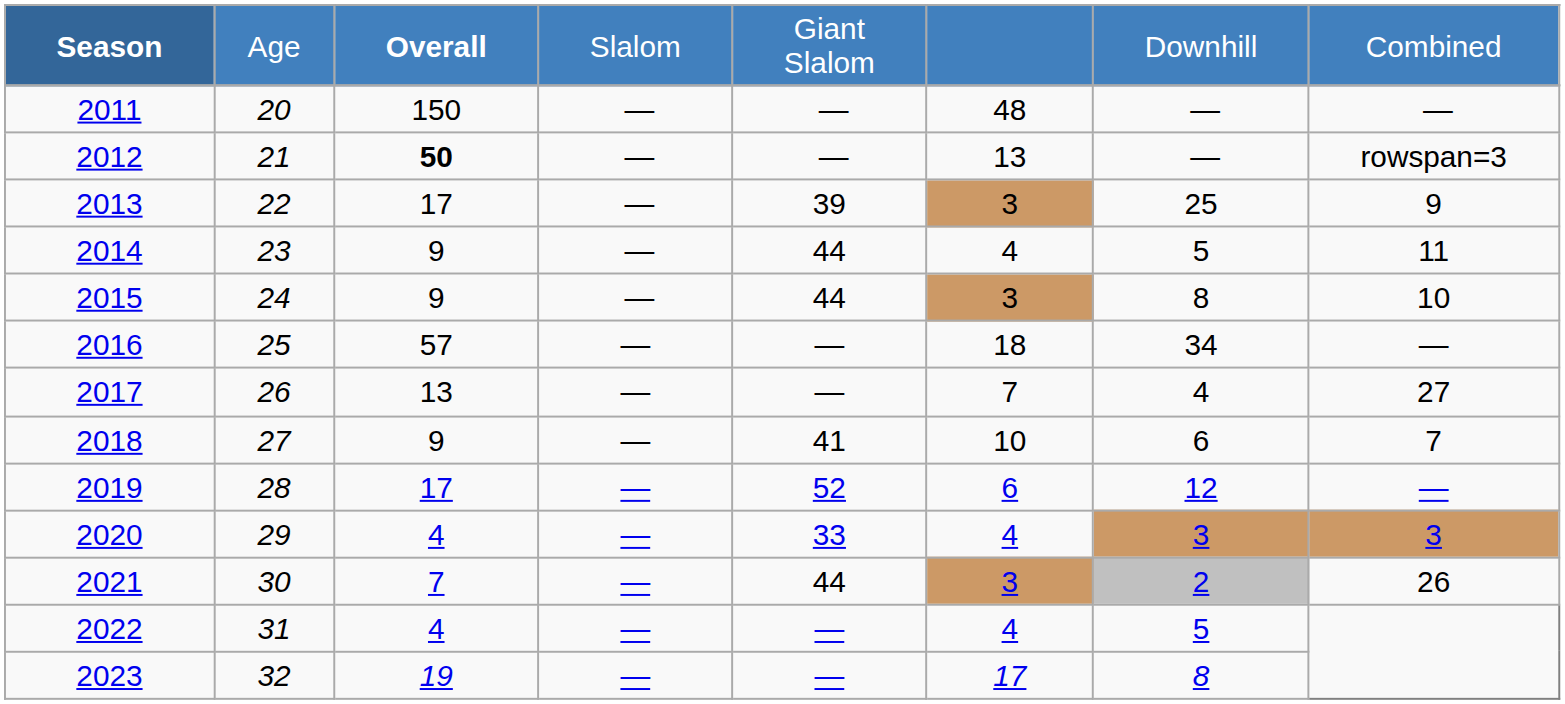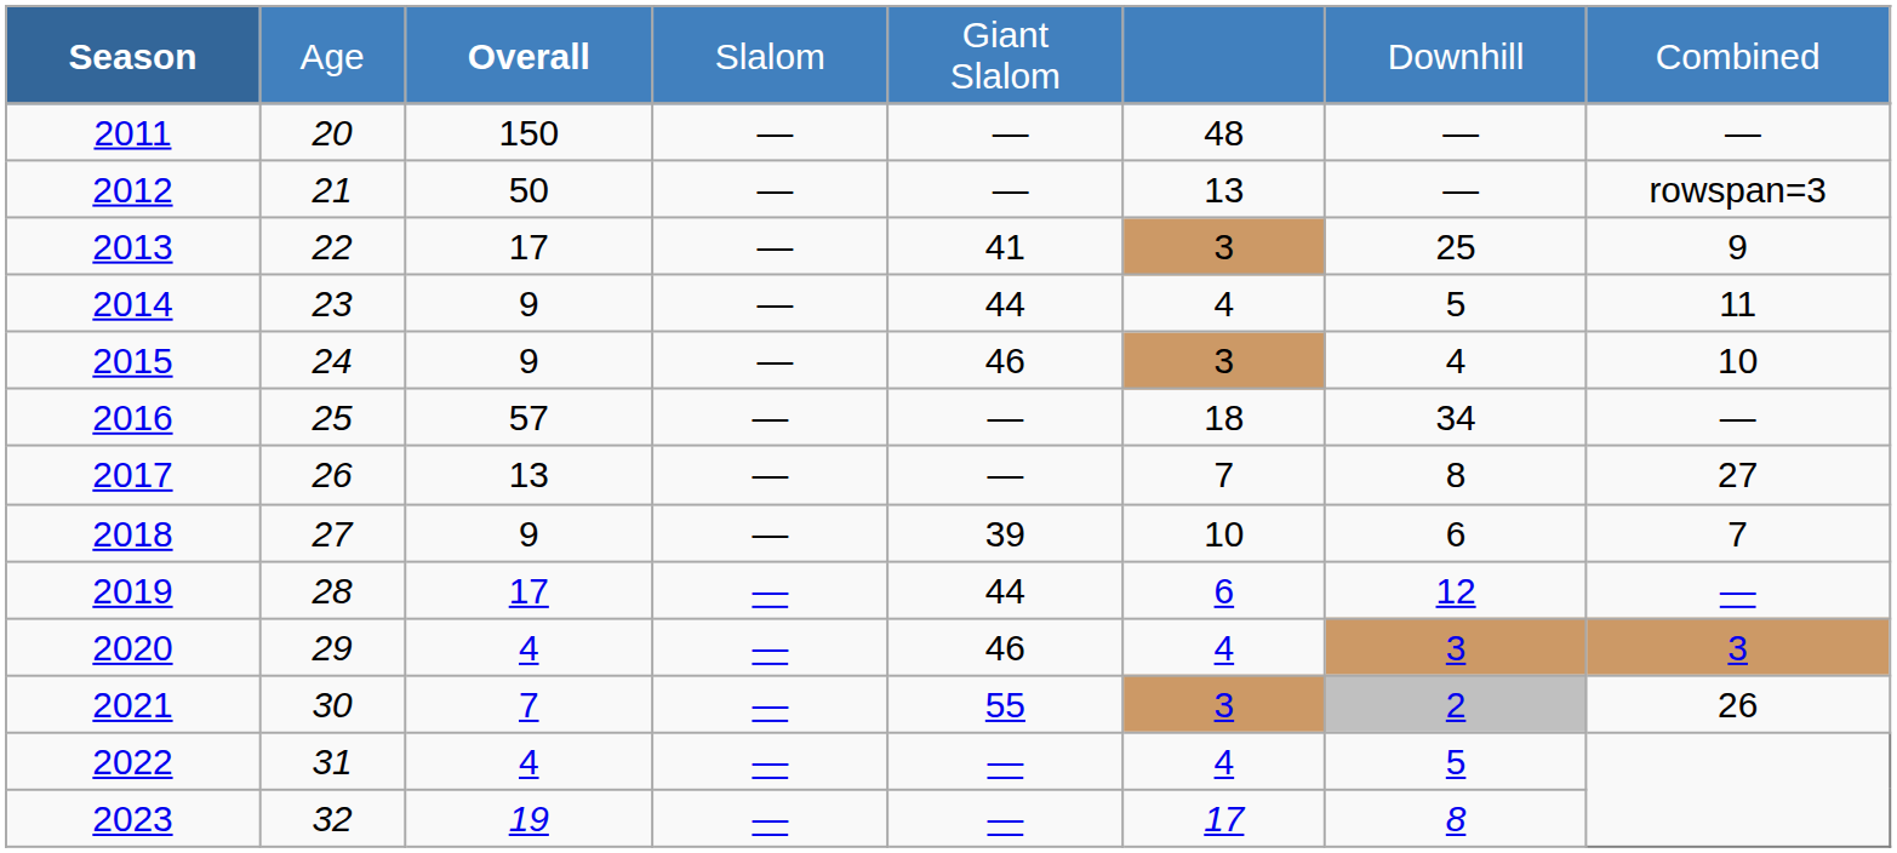 <table class="wikitable" style="font-size:95%; text-align:center; border:grey solid 1px; border-collapse:collapse;" width="40%">
 <tr style="background-color:#369; color:white;">
 <td rowspan="2" colspan="1" width="5%"><strong>Season</strong></td>
 </tr>
 <tr style="background-color:#4180be; color:white;">
 <td width="3%">Age</td>
 <td width="5%"><strong>Overall</strong></td>
 <td width="5%">Slalom</td>
 <td width="5%">Giant<br>Slalom</td>
 <td width="5%"></td>
 <td width="5%">Downhill</td>
 <td width="5%">Combined</td>
 </tr>
 <tr style="background-color:#8CB2D8; color:white;">
 </tr>
 <tr>
 <td><a href='#'>2011</a></td>
 <td><em>20</em></td>
 <td>150</td>
 <td> —</td>
 <td> —</td>
 <td>48</td>
 <td> —</td>
 <td> —</td>
 </tr>
 <tr>
 <td><a href='#'>2012</a></td>
 <td><em>21</em></td>
-<td><strong>50</strong></td>
+<td>50</td>
 <td> —</td>
 <td> —</td>
 <td>13</td>
 <td> —</td>
 <td>rowspan=3 </td>
 </tr>
 <tr>
 <td><a href='#'>2013</a></td>
 <td><em>22</em></td>
 <td>17</td>
 <td> —</td>
-<td>39</td>
+<td>41</td>
 <td style="background:#c96;">3</td>
 <td>25</td>
 <td>9</td>
 </tr>
 <tr>
 <td><a href='#'>2014</a></td>
 <td><em>23</em></td>
 <td>9</td>
 <td> —</td>
 <td>44</td>
 <td>4</td>
 <td>5</td>
 <td>11</td>
 </tr>
 <tr>
 <td><a href='#'>2015</a></td>
 <td><em>24</em></td>
 <td>9</td>
 <td> —</td>
-<td>44</td>
+<td>46</td>
 <td style="background:#c96;">3</td>
-<td>8</td>
+<td>4</td>
 <td>10</td>
 </tr>
 <tr>
 <td><a href='#'>2016</a></td>
 <td><em>25</em></td>
 <td>57</td>
 <td>—</td>
 <td>—</td>
 <td>18</td>
 <td>34</td>
 <td>—</td>
 </tr>
 <tr>
 <td><a href='#'>2017</a></td>
 <td><em>26</em></td>
 <td>13</td>
 <td>—</td>
 <td>—</td>
 <td>7</td>
-<td>4</td>
+<td>8</td>
 <td>27</td>
 </tr>
 <tr>
 <td><a href='#'>2018</a></td>
 <td><em>27</em></td>
 <td>9</td>
 <td>—</td>
-<td>41</td>
+<td>39</td>
 <td>10</td>
 <td>6</td>
 <td>7</td>
 </tr>
 <tr>
 <td><a href='#'>2019</a></td>
 <td><em>28</em></td>
 <td><a href='#'>17</a></td>
 <td><a href='#'>—</a></td>
-<td><a href='#'>52</a></td>
+<td>44</td>
 <td><a href='#'>6</a></td>
 <td><a href='#'>12</a></td>
 <td><a href='#'>—</a></td>
 </tr>
 <tr>
 <td><a href='#'>2020</a></td>
 <td><em>29</em></td>
 <td><a href='#'>4</a></td>
 <td><a href='#'>—</a></td>
-<td><a href='#'>33</a></td>
+<td>46</td>
 <td><a href='#'>4</a></td>
 <td style="background:#c96;"><a href='#'>3</a></td>
 <td style="background:#c96;"><a href='#'>3</a></td>
 </tr>
 <tr>
 <td><a href='#'>2021</a></td>
 <td><em>30</em></td>
 <td><a href='#'>7</a></td>
 <td><a href='#'>—</a></td>
-<td>44</td>
+<td><a href='#'>55</a></td>
 <td style="background:#c96;"><a href='#'>3</a></td>
 <td style="background:silver"><a href='#'>2</a></td>
 <td>26</td>
 </tr>
 <tr>
 <td><a href='#'>2022</a></td>
 <td><em>31</em></td>
 <td><a href='#'>4</a></td>
 <td><a href='#'>—</a></td>
 <td><a href='#'>—</a></td>
 <td><a href='#'>4</a></td>
 <td><a href='#'>5</a></td>
 </tr>
 <tr>
 <td><a href='#'>2023</a></td>
 <td><em>32</em></td>
 <td><em><a href='#'>19</a></em></td>
 <td><a href='#'>—</a></td>
 <td><a href='#'>—</a></td>
 <td><em><a href='#'>17</a></em></td>
 <td><em><a href='#'>8</a></em></td>
 </tr>
 </table>
